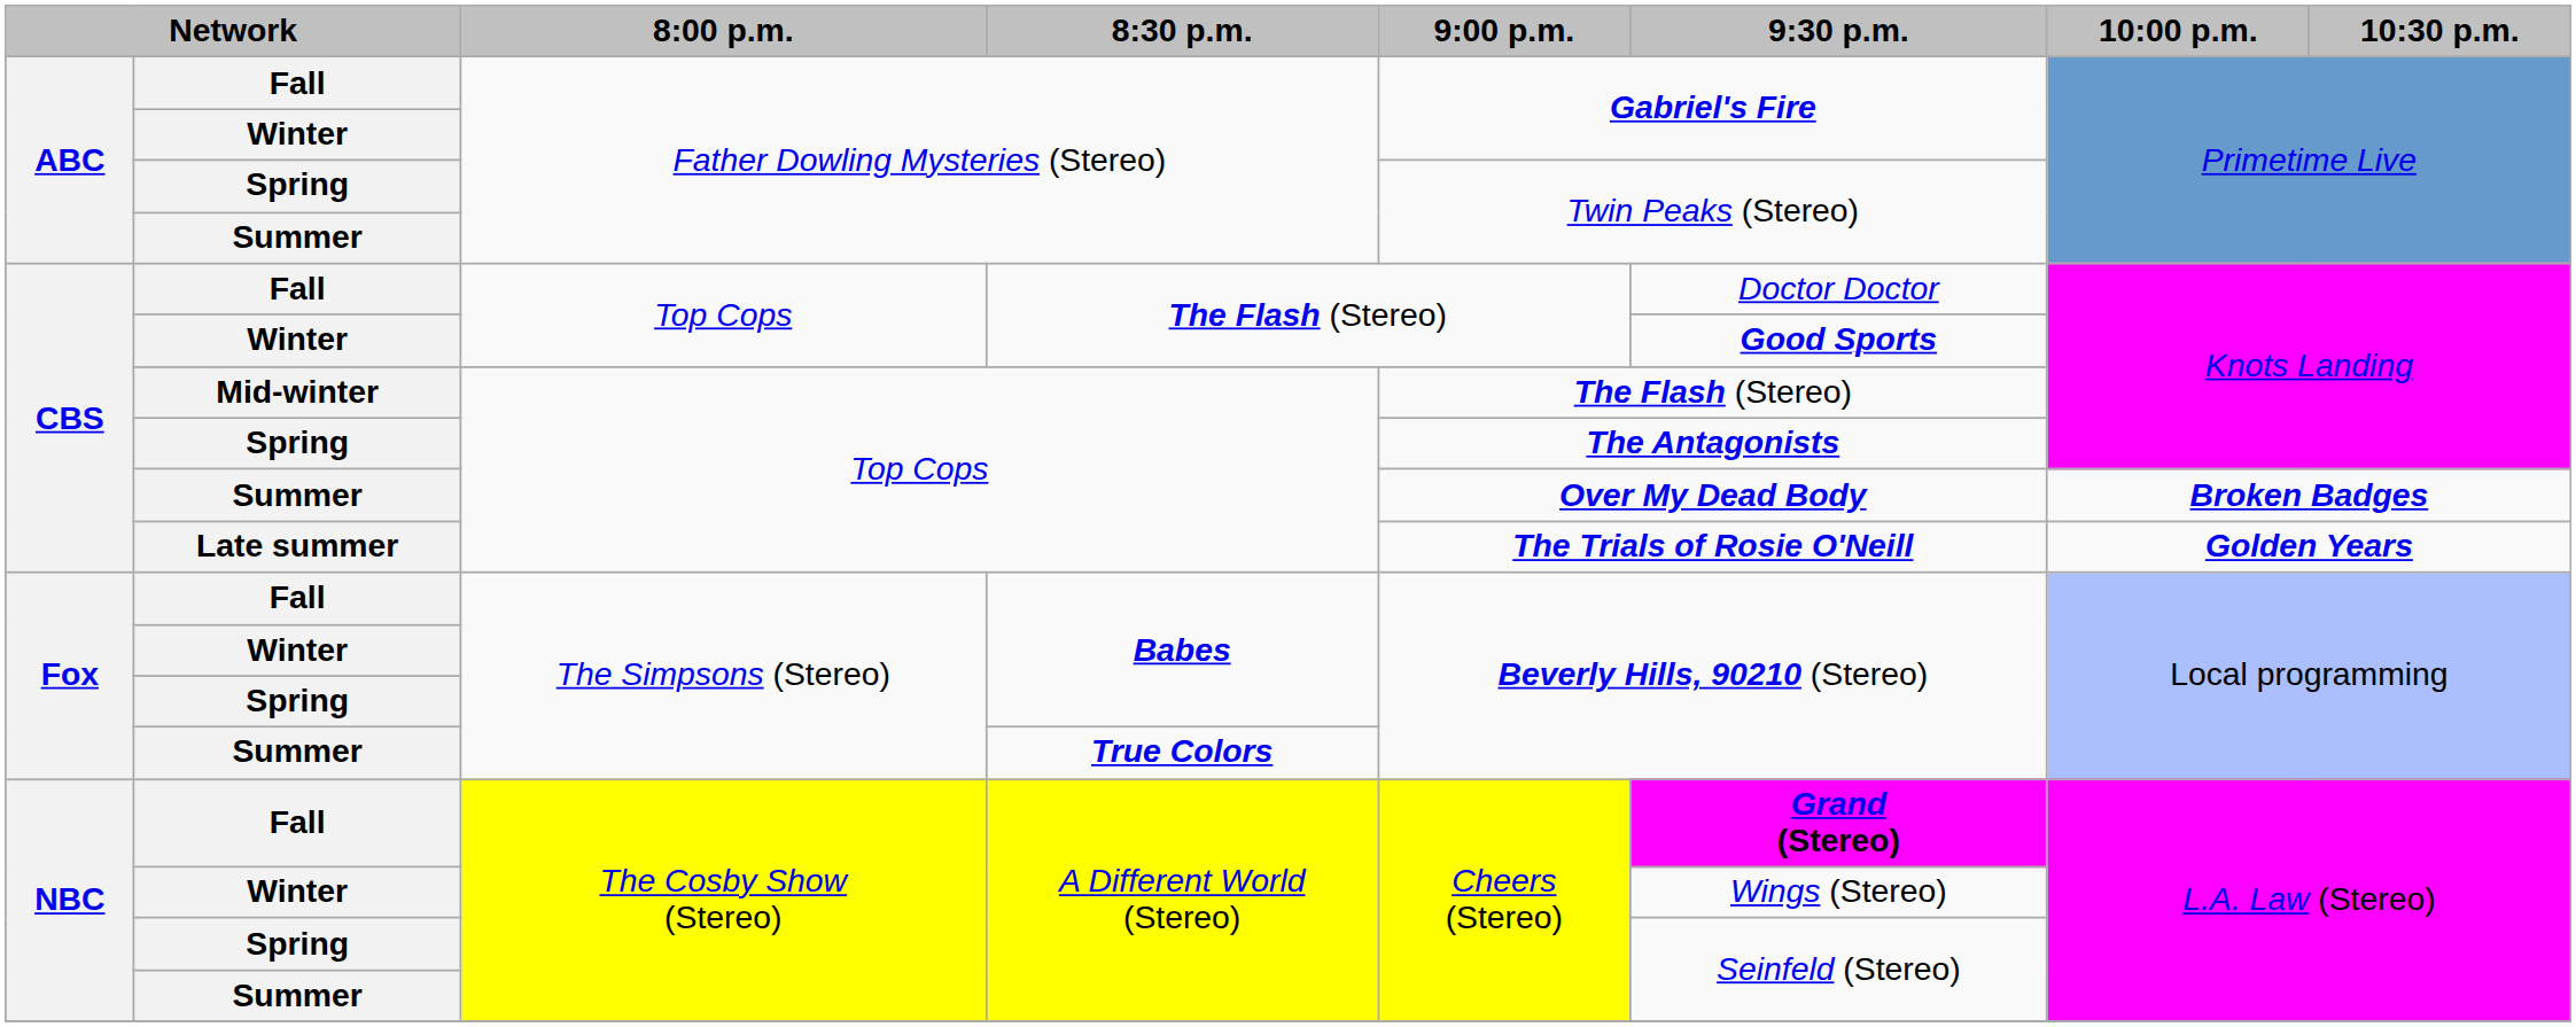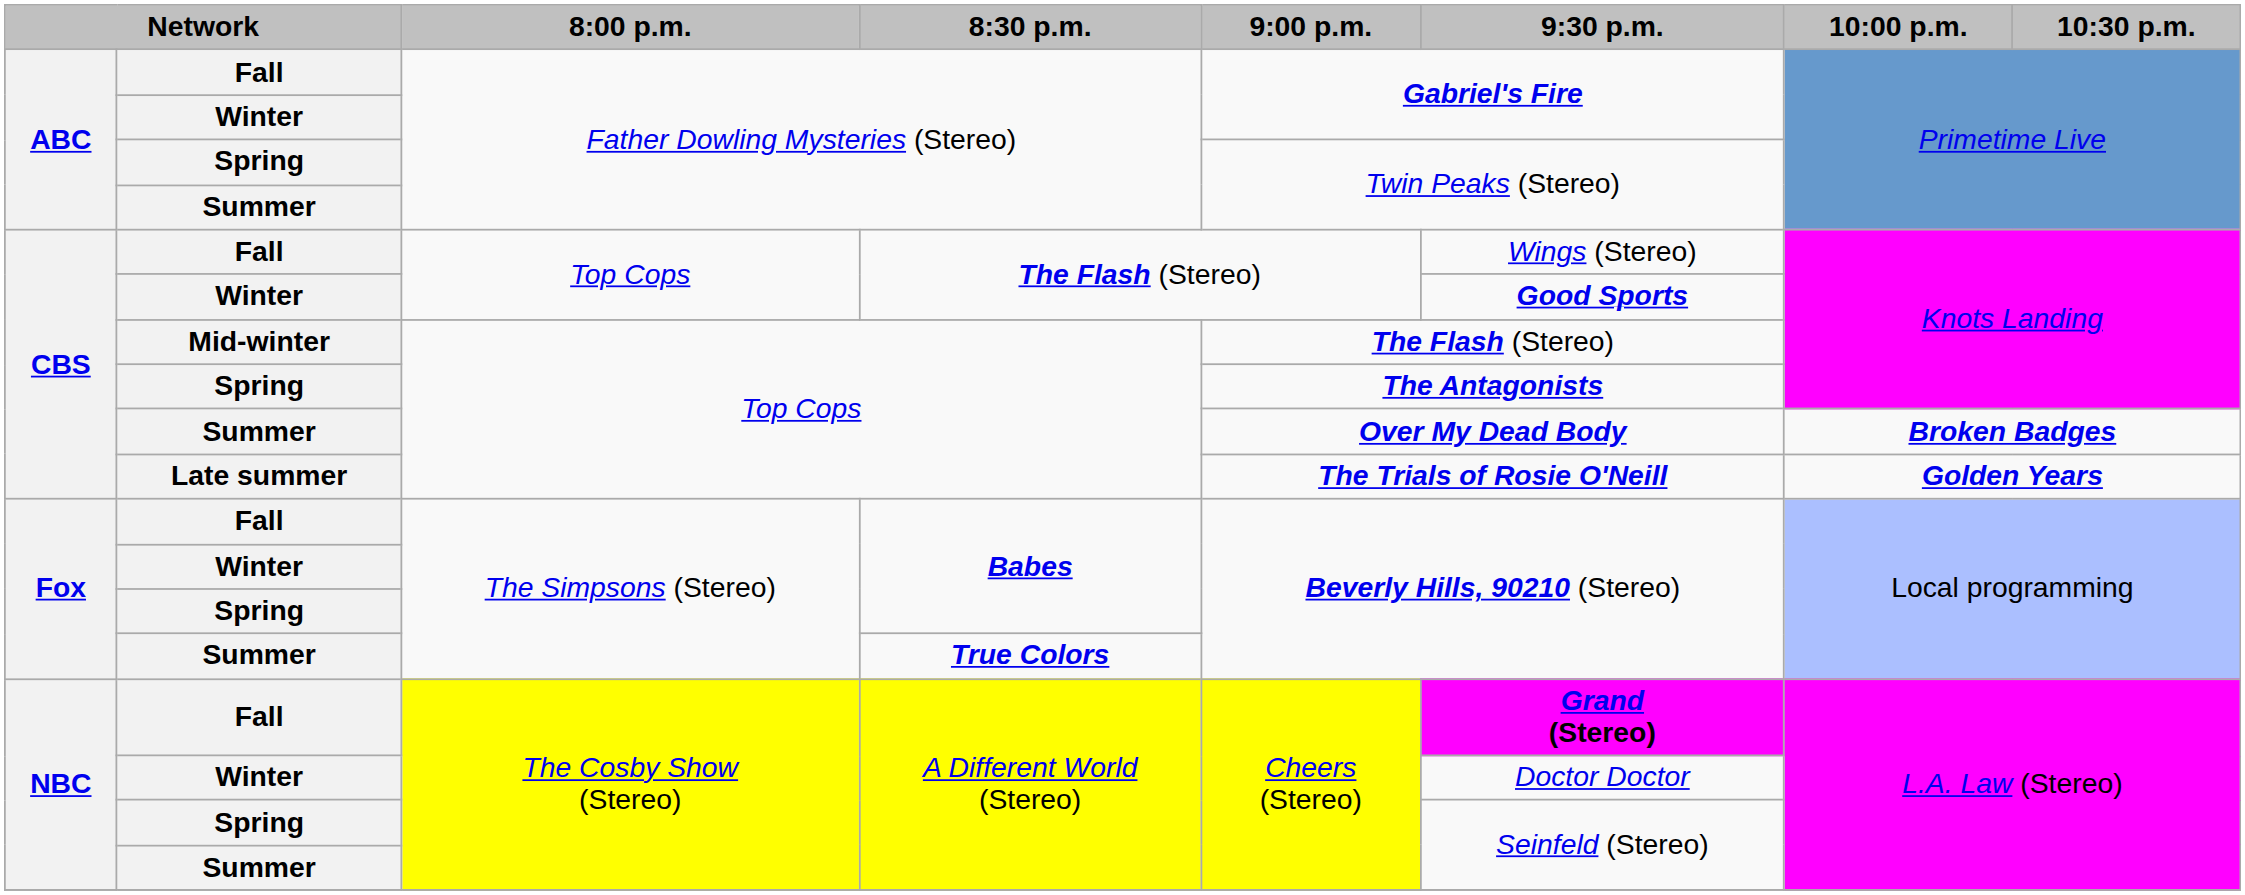 <table class="wikitable" style="width:100%;margin-right:0;text-align:center">
 <tr>
 <th colspan="2" style="background-color:#C0C0C0;text-align:center">Network</th>
 <th style="background-color:#C0C0C0;text-align:center">8:00 p.m.</th>
 <th style="background-color:#C0C0C0;text-align:center">8:30 p.m.</th>
 <th style="background-color:#C0C0C0;text-align:center">9:00 p.m.</th>
 <th style="background-color:#C0C0C0;text-align:center">9:30 p.m.</th>
 <th style="background-color:#C0C0C0;text-align:center">10:00 p.m.</th>
 <th style="background-color:#C0C0C0;text-align:center">10:30 p.m.</th>
 </tr>
 <tr>
 <th rowspan="4"><a href='#'>ABC</a></th>
 <th>Fall</th>
 <td colspan="2" rowspan="4"><em><a href='#'>Father Dowling Mysteries</a></em> (Stereo)</td>
 <td colspan="2" rowspan="2"><strong><em><a href='#'>Gabriel's Fire</a></em></strong></td>
 <td colspan="2" rowspan="4" style="background:#6699CC;"><em><a href='#'>Primetime Live</a></em></td>
 </tr>
 <tr>
 <th>Winter</th>
 </tr>
 <tr>
 <th>Spring</th>
 <td colspan="2" rowspan="2"><em><a href='#'>Twin Peaks</a></em> (Stereo)</td>
 </tr>
 <tr>
 <th>Summer</th>
 </tr>
 <tr>
 <th rowspan="6"><a href='#'>CBS</a></th>
 <th>Fall</th>
 <td rowspan="2"><em><a href='#'>Top Cops</a></em></td>
 <td rowspan="2" colspan="2"><strong><em><a href='#'>The Flash</a></em></strong> (Stereo)</td>
-<td><em><a href='#'>Doctor Doctor</a></em></td>
+<td><em><a href='#'>Wings</a></em> (Stereo)</td>
 <td style="background:#FF00FF;" rowspan="4" colspan="2"><em><a href='#'>Knots Landing</a></em> </td>
 </tr>
 <tr>
 <th>Winter</th>
 <td><strong><em><a href='#'>Good Sports</a></em></strong></td>
 </tr>
 <tr>
 <th>Mid-winter</th>
 <td rowspan="4" colspan="2"><em><a href='#'>Top Cops</a></em></td>
 <td colspan="2"><strong><em><a href='#'>The Flash</a></em></strong> (Stereo)</td>
 </tr>
 <tr>
 <th>Spring</th>
 <td colspan="2"><strong><em><a href='#'>The Antagonists</a></em></strong></td>
 </tr>
 <tr>
 <th>Summer</th>
 <td colspan="2"><strong><em><a href='#'>Over My Dead Body</a></em></strong></td>
 <td colspan="2"><strong><em><a href='#'>Broken Badges</a></em></strong></td>
 </tr>
 <tr>
 <th>Late summer</th>
 <td colspan="2"><strong><em><a href='#'>The Trials of Rosie O'Neill</a></em></strong></td>
 <td colspan="2"><strong><em><a href='#'>Golden Years</a></em></strong></td>
 </tr>
 <tr>
 <th rowspan="4"><a href='#'>Fox</a></th>
 <th>Fall</th>
 <td rowspan="4"><em><a href='#'>The Simpsons</a></em> (Stereo)</td>
 <td rowspan="3"><strong><em><a href='#'>Babes</a></em></strong></td>
 <td rowspan="4" colspan="2"><strong><em><a href='#'>Beverly Hills, 90210</a></em></strong> (Stereo)</td>
 <td style="background:#abbfff;" rowspan="4" colspan="2">Local programming</td>
 </tr>
 <tr>
 <th>Winter</th>
 </tr>
 <tr>
 <th>Spring</th>
 </tr>
 <tr>
 <th>Summer</th>
 <td><strong><em><a href='#'>True Colors</a></em></strong></td>
 </tr>
 <tr>
 <th rowspan="4"><a href='#'>NBC</a></th>
 <th>Fall</th>
 <td style="background:#FFFF00" rowspan="4"><em><a href='#'>The Cosby Show</a></em><br>(Stereo) </td>
 <td style="background:#FFFF00" rowspan="4"><em><a href='#'>A Different World</a></em><br>(Stereo) </td>
 <td style="background:#FFFF00" rowspan="4"><em><a href='#'>Cheers</a></em><br>(Stereo) </td>
 <td style="background:#FF00FF"><strong><em><a href='#'>Grand</a></em><br>(Stereo) </strong></td>
 <td style="background:#FF00FF" rowspan="4" colspan="2"><em><a href='#'>L.A. Law</a></em> (Stereo) </td>
 </tr>
 <tr>
 <th>Winter</th>
-<td><em><a href='#'>Wings</a></em> (Stereo)</td>
+<td><em><a href='#'>Doctor Doctor</a></em></td>
 </tr>
 <tr>
 <th>Spring</th>
 <td rowspan="2"><em><a href='#'>Seinfeld</a></em> (Stereo)</td>
 </tr>
 <tr>
 <th>Summer</th>
 </tr>
 <tr>
 </tr>
 </table>
